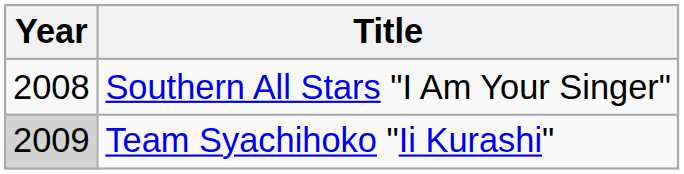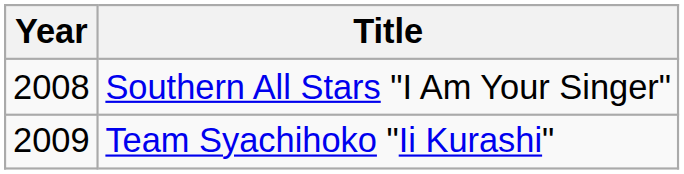 <table class="wikitable">
 <tr>
 <th>Year</th>
 <th>Title</th>
 </tr>
 <tr>
 <td>2008</td>
 <td><a href='#'>Southern All Stars</a> "I Am Your Singer"</td>
 </tr>
 <tr>
-<td style="background: lightgrey;">2009</td>
+<td>2009</td>
 <td><a href='#'>Team Syachihoko</a> "<a href='#'>Ii Kurashi</a>"</td>
 </tr>
 </table>
